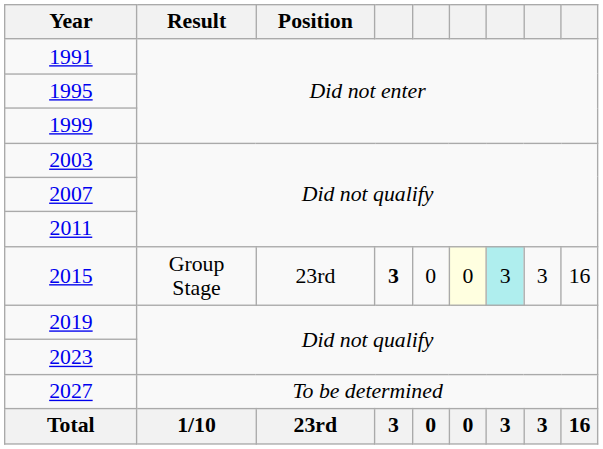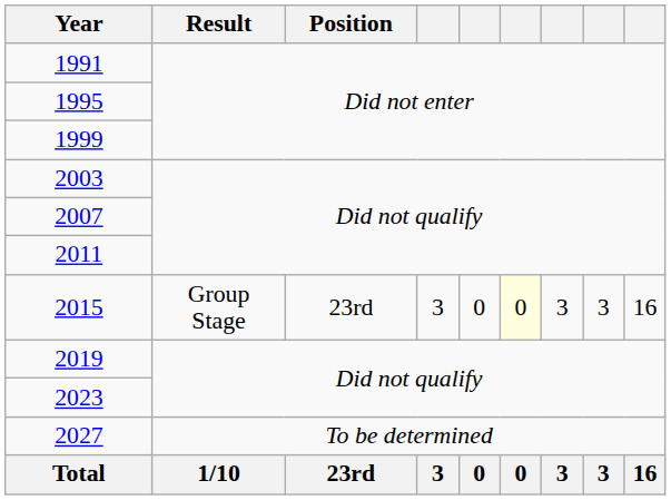 <table class="wikitable" style="text-align: center;">
 <tr>
 <th width="90">Year</th>
 <th width="80">Result</th>
 <th width="80">Position</th>
 <th width="20"></th>
 <th width="20"></th>
 <th width="20"></th>
 <th width="20"></th>
 <th width="20"></th>
 <th width="20"></th>
 </tr>
 <tr>
 <td> <a href='#'>1991</a></td>
 <td colspan=8 rowspan=3><em>Did not enter</em></td>
 </tr>
 <tr>
 <td> <a href='#'>1995</a></td>
 </tr>
 <tr>
 <td> <a href='#'>1999</a></td>
 </tr>
 <tr>
 <td> <a href='#'>2003</a></td>
 <td colspan=8 rowspan=3><em>Did not qualify</em></td>
 </tr>
 <tr>
 <td> <a href='#'>2007</a></td>
 </tr>
 <tr>
 <td> <a href='#'>2011</a></td>
 </tr>
 <tr>
 <td> <a href='#'>2015</a></td>
 <td>Group Stage</td>
 <td>23rd</td>
-<td><strong>3</strong></td>
+<td>3</td>
 <td>0</td>
 <td style="background: lightyellow;">0</td>
-<td style="background: paleturquoise;">3</td>
+<td>3</td>
 <td>3</td>
 <td>16</td>
 </tr>
 <tr>
 <td> <a href='#'>2019</a></td>
 <td colspan=8 rowspan=2><em>Did not qualify</em></td>
 </tr>
 <tr>
 <td>  <a href='#'>2023</a></td>
 </tr>
 <tr>
 <td> <a href='#'>2027</a></td>
 <td colspan=8><em>To be determined</em></td>
 </tr>
 <tr>
 <th><strong>Total</strong></th>
 <th>1/10</th>
 <th>23rd</th>
 <th>3</th>
 <th>0</th>
 <th>0</th>
 <th>3</th>
 <th>3</th>
 <th>16</th>
 </tr>
 </table>
